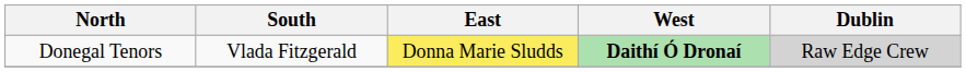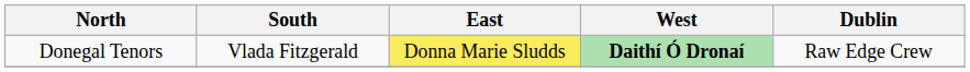 <table class="wikitable">
 <tr>
 <th width="150" rowspan="1">North</th>
 <th width="150" rowspan="1">South</th>
 <th width="150" rowspan="1">East</th>
 <th width="150" rowspan="1">West</th>
 <th width="150" rowspan="1">Dublin</th>
 </tr>
 <tr>
 <td align="center">Donegal Tenors</td>
 <td align="center">Vlada Fitzgerald</td>
 <td style="background:#FBEC5D;" align="center">Donna Marie Sludds</td>
 <td style="background:#ACE1AF;" align="center"><strong>Daithí Ó Dronaí</strong></td>
-<td align="center" style="background: lightgrey;">Raw Edge Crew</td>
+<td align="center">Raw Edge Crew</td>
 </tr>
 <tr>
 </tr>
 </table>
